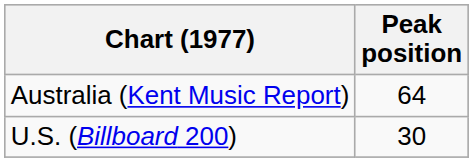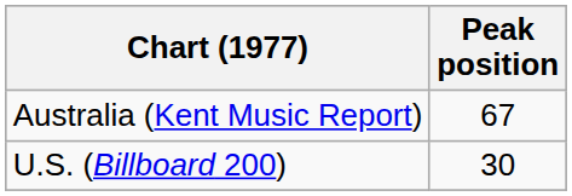 <table class="wikitable">
 <tr>
 <th scope="col">Chart (1977)</th>
 <th>Peak<br>position</th>
 </tr>
 <tr>
 <td>Australia (<a href='#'>Kent Music Report</a>)</td>
-<td style="text-align:center;">64</td>
+<td style="text-align:center;">67</td>
 </tr>
 <tr>
 <td>U.S. (<a href='#'><em>Billboard</em> 200</a>)</td>
 <td style="text-align:center;">30</td>
 </tr>
 </table>
